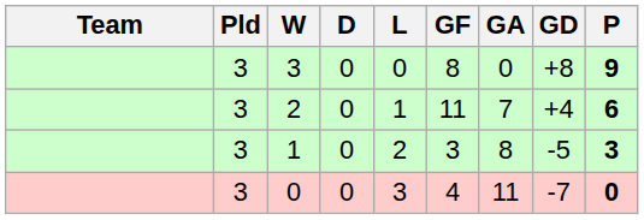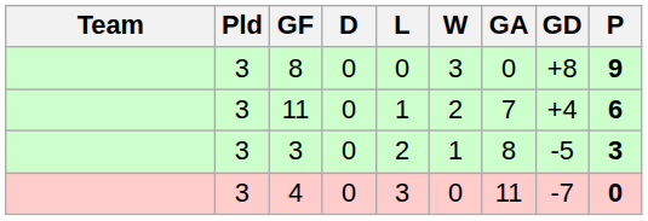 <table class="wikitable">
 <tr>
 <th width=120>Team</th>
 <th width=25>Pld</th>
-<th width=25>W</th>
+<th width=25>GF</th>
 <th width=25>D</th>
 <th width=25>L</th>
-<th width=25>GF</th>
+<th width=25>W</th>
 <th width=25>GA</th>
 <th width=25>GD</th>
 <th width=25>P</th>
 </tr>
 <tr align=center bgcolor=#ccffcc>
 <td align=left></td>
 <td>3</td>
-<td>3</td>
+<td>8</td>
 <td>0</td>
 <td>0</td>
-<td>8</td>
+<td>3</td>
 <td>0</td>
 <td>+8</td>
 <td><strong>9</strong></td>
 </tr>
 <tr align=center bgcolor=#ccffcc>
 <td align=left></td>
 <td>3</td>
-<td>2</td>
+<td>11</td>
 <td>0</td>
 <td>1</td>
-<td>11</td>
+<td>2</td>
 <td>7</td>
 <td>+4</td>
 <td><strong>6</strong></td>
 </tr>
 <tr align=center bgcolor=#ccffcc>
 <td align=left></td>
 <td>3</td>
-<td>1</td>
+<td>3</td>
 <td>0</td>
 <td>2</td>
-<td>3</td>
+<td>1</td>
 <td>8</td>
 <td>-5</td>
 <td><strong>3</strong></td>
 </tr>
 <tr align=center bgcolor=#ffcccc>
 <td align=left></td>
 <td>3</td>
-<td>0</td>
+<td>4</td>
 <td>0</td>
 <td>3</td>
-<td>4</td>
+<td>0</td>
 <td>11</td>
 <td>-7</td>
 <td><strong>0</strong></td>
 </tr>
 </table>
